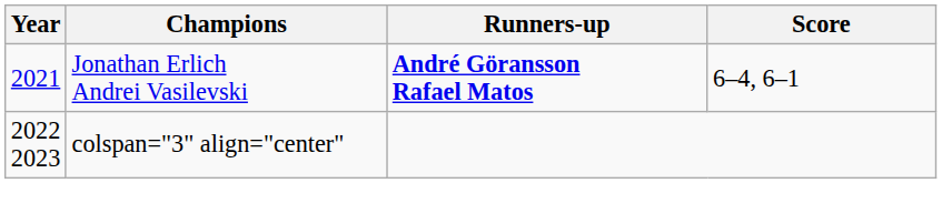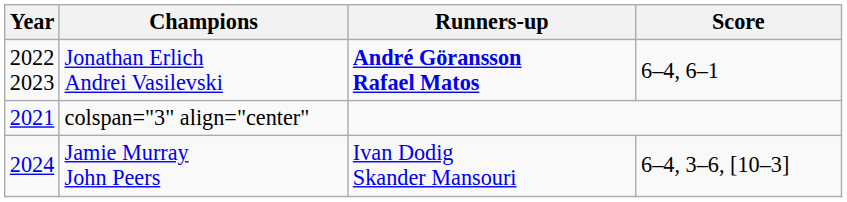 <table class="wikitable">
 <tr>
 <th>Year</th>
 <th width="200">Champions</th>
 <th width="200">Runners-up</th>
 <th width="140">Score</th>
 </tr>
 <tr>
-<td><a href='#'>2021</a></td>
+<td>2022<br>2023</td>
 <td> <a href='#'>Jonathan Erlich</a><br> <a href='#'>Andrei Vasilevski</a></td>
 <td><strong> <a href='#'>André Göransson</a><br> <a href='#'>Rafael Matos</a></strong></td>
 <td>6–4, 6–1</td>
 </tr>
 <tr>
-<td>2022<br>2023</td>
+<td><a href='#'>2021</a></td>
 <td>colspan="3" align="center" </td>
 </tr>
+<tr>
+<td><a href='#'>2024</a></td>
+<td> <a href='#'>Jamie Murray</a><br> <a href='#'>John Peers</a></td>
+<td> <a href='#'>Ivan Dodig</a><br> <a href='#'>Skander Mansouri</a></td>
+<td>6–4, 3–6, [10–3]</td>
+</tr>
 </table>
